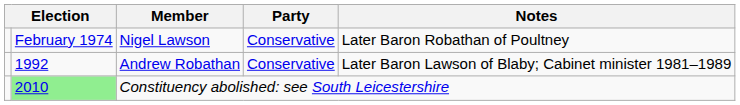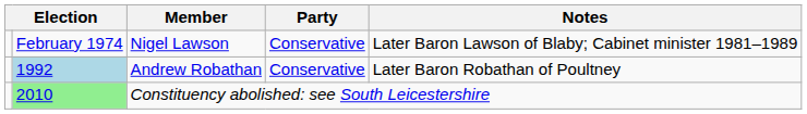 <table class="wikitable">
 <tr>
 <th colspan="2">Election</th>
 <th>Member</th>
 <th>Party</th>
 <th>Notes</th>
 </tr>
 <tr>
 <td style="color:inherit;background-color: "></td>
 <td><a href='#'>February 1974</a></td>
 <td><a href='#'>Nigel Lawson</a></td>
 <td><a href='#'>Conservative</a></td>
-<td>Later Baron Robathan of Poultney</td>
+<td>Later Baron Lawson of Blaby; Cabinet minister 1981–1989</td>
 </tr>
 <tr>
 <td style="color:inherit;background-color: "></td>
-<td><a href='#'>1992</a></td>
+<td style="background: lightblue;"><a href='#'>1992</a></td>
 <td><a href='#'>Andrew Robathan</a></td>
 <td><a href='#'>Conservative</a></td>
-<td>Later Baron Lawson of Blaby; Cabinet minister 1981–1989</td>
+<td>Later Baron Robathan of Poultney</td>
 </tr>
 <tr>
 <td></td>
 <td style="background: lightgreen;"><a href='#'>2010</a></td>
 <td colspan="3"><em>Constituency abolished: see <a href='#'>South Leicestershire</a></em></td>
 </tr>
 </table>
